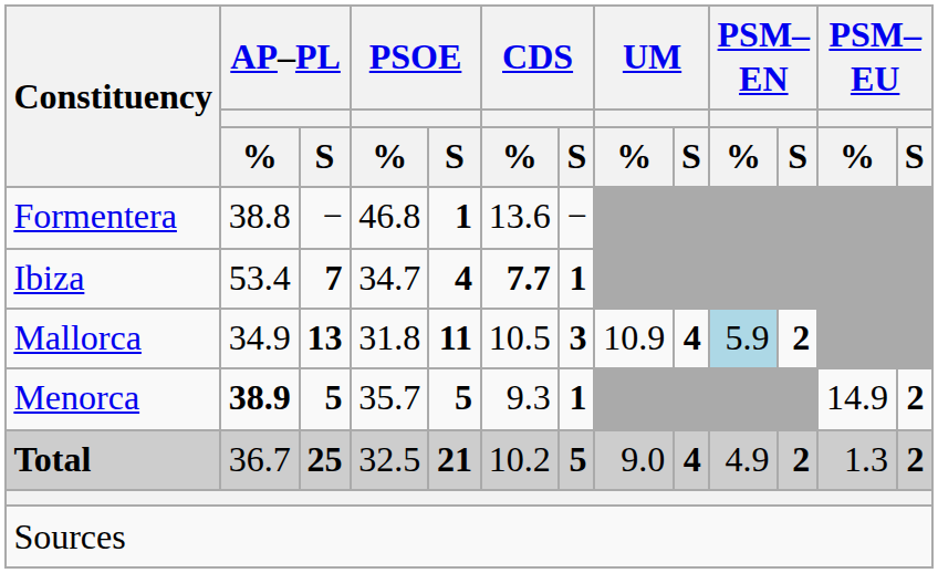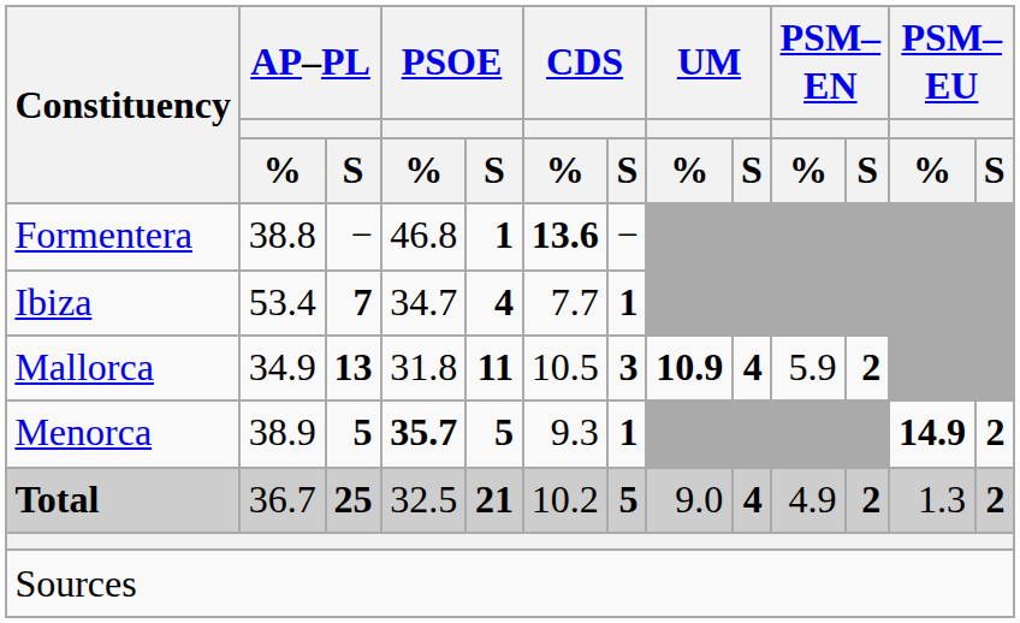 <table class="wikitable sortable" style="text-align:right; line-height:20px;">
 <tr>
 <th rowspan="3">Constituency</th>
 <th colspan="2" width="30px" class="unsortable"><a href='#'>AP</a>–<a href='#'>PL</a></th>
 <th colspan="2" width="30px" class="unsortable"><a href='#'>PSOE</a></th>
 <th colspan="2" width="30px" class="unsortable"><a href='#'>CDS</a></th>
 <th colspan="2" width="30px" class="unsortable"><a href='#'>UM</a></th>
 <th colspan="2" width="30px" class="unsortable"><a href='#'>PSM–EN</a></th>
 <th colspan="2" width="30px" class="unsortable"><a href='#'>PSM–EU</a></th>
 </tr>
 <tr>
 <th colspan="2" style="background:"></th>
 <th colspan="2" style="background:"></th>
 <th colspan="2" style="background:"></th>
 <th colspan="2" style="background:"></th>
 <th colspan="2" style="background:"></th>
 <th colspan="2" style="background:"></th>
 </tr>
 <tr>
 <th data-sort-type="number">%</th>
 <th data-sort-type="number">S</th>
 <th data-sort-type="number">%</th>
 <th data-sort-type="number">S</th>
 <th data-sort-type="number">%</th>
 <th data-sort-type="number">S</th>
 <th data-sort-type="number">%</th>
 <th data-sort-type="number">S</th>
 <th data-sort-type="number">%</th>
 <th data-sort-type="number">S</th>
 <th data-sort-type="number">%</th>
 <th data-sort-type="number">S</th>
 </tr>
 <tr>
 <td align="left"><a href='#'>Formentera</a></td>
 <td>38.8</td>
 <td>−</td>
 <td style="background:">46.8</td>
 <td><strong>1</strong></td>
-<td>13.6</td>
+<td><strong>13.6</strong></td>
 <td>−</td>
 <td colspan="2" rowspan="2" bgcolor="#AAAAAA"></td>
 <td colspan="2" rowspan="2" bgcolor="#AAAAAA"></td>
 <td colspan="2" rowspan="3" bgcolor="#AAAAAA"></td>
 </tr>
 <tr>
 <td align="left"><a href='#'>Ibiza</a></td>
 <td style="background:">53.4</td>
 <td><strong>7</strong></td>
 <td>34.7</td>
 <td><strong>4</strong></td>
-<td><strong>7.7</strong></td>
+<td>7.7</td>
 <td><strong>1</strong></td>
 </tr>
 <tr>
 <td align="left"><a href='#'>Mallorca</a></td>
 <td style="background:">34.9</td>
 <td><strong>13</strong></td>
 <td>31.8</td>
 <td><strong>11</strong></td>
 <td>10.5</td>
 <td><strong>3</strong></td>
-<td>10.9</td>
+<td><strong>10.9</strong></td>
 <td><strong>4</strong></td>
-<td style="background: lightblue;">5.9</td>
+<td>5.9</td>
 <td><strong>2</strong></td>
 </tr>
 <tr>
 <td align="left"><a href='#'>Menorca</a></td>
-<td style="background:"><strong>38.9</strong></td>
+<td style="background:">38.9</td>
 <td><strong>5</strong></td>
-<td>35.7</td>
+<td><strong>35.7</strong></td>
 <td><strong>5</strong></td>
 <td>9.3</td>
 <td><strong>1</strong></td>
 <td colspan="2" bgcolor="#AAAAAA"></td>
 <td colspan="2" bgcolor="#AAAAAA"></td>
-<td>14.9</td>
+<td><strong>14.9</strong></td>
 <td><strong>2</strong></td>
 </tr>
 <tr style="background:#CDCDCD;">
 <td align="left"><strong>Total</strong></td>
 <td style="background:">36.7</td>
 <td><strong>25</strong></td>
 <td>32.5</td>
 <td><strong>21</strong></td>
 <td>10.2</td>
 <td><strong>5</strong></td>
 <td>9.0</td>
 <td><strong>4</strong></td>
 <td>4.9</td>
 <td><strong>2</strong></td>
 <td>1.3</td>
 <td><strong>2</strong></td>
 </tr>
 <tr>
 <th colspan="13"></th>
 </tr>
 <tr>
 <th style="text-align:left; font-weight:normal; background:#F9F9F9" colspan="13">Sources</th>
 </tr>
 </table>
